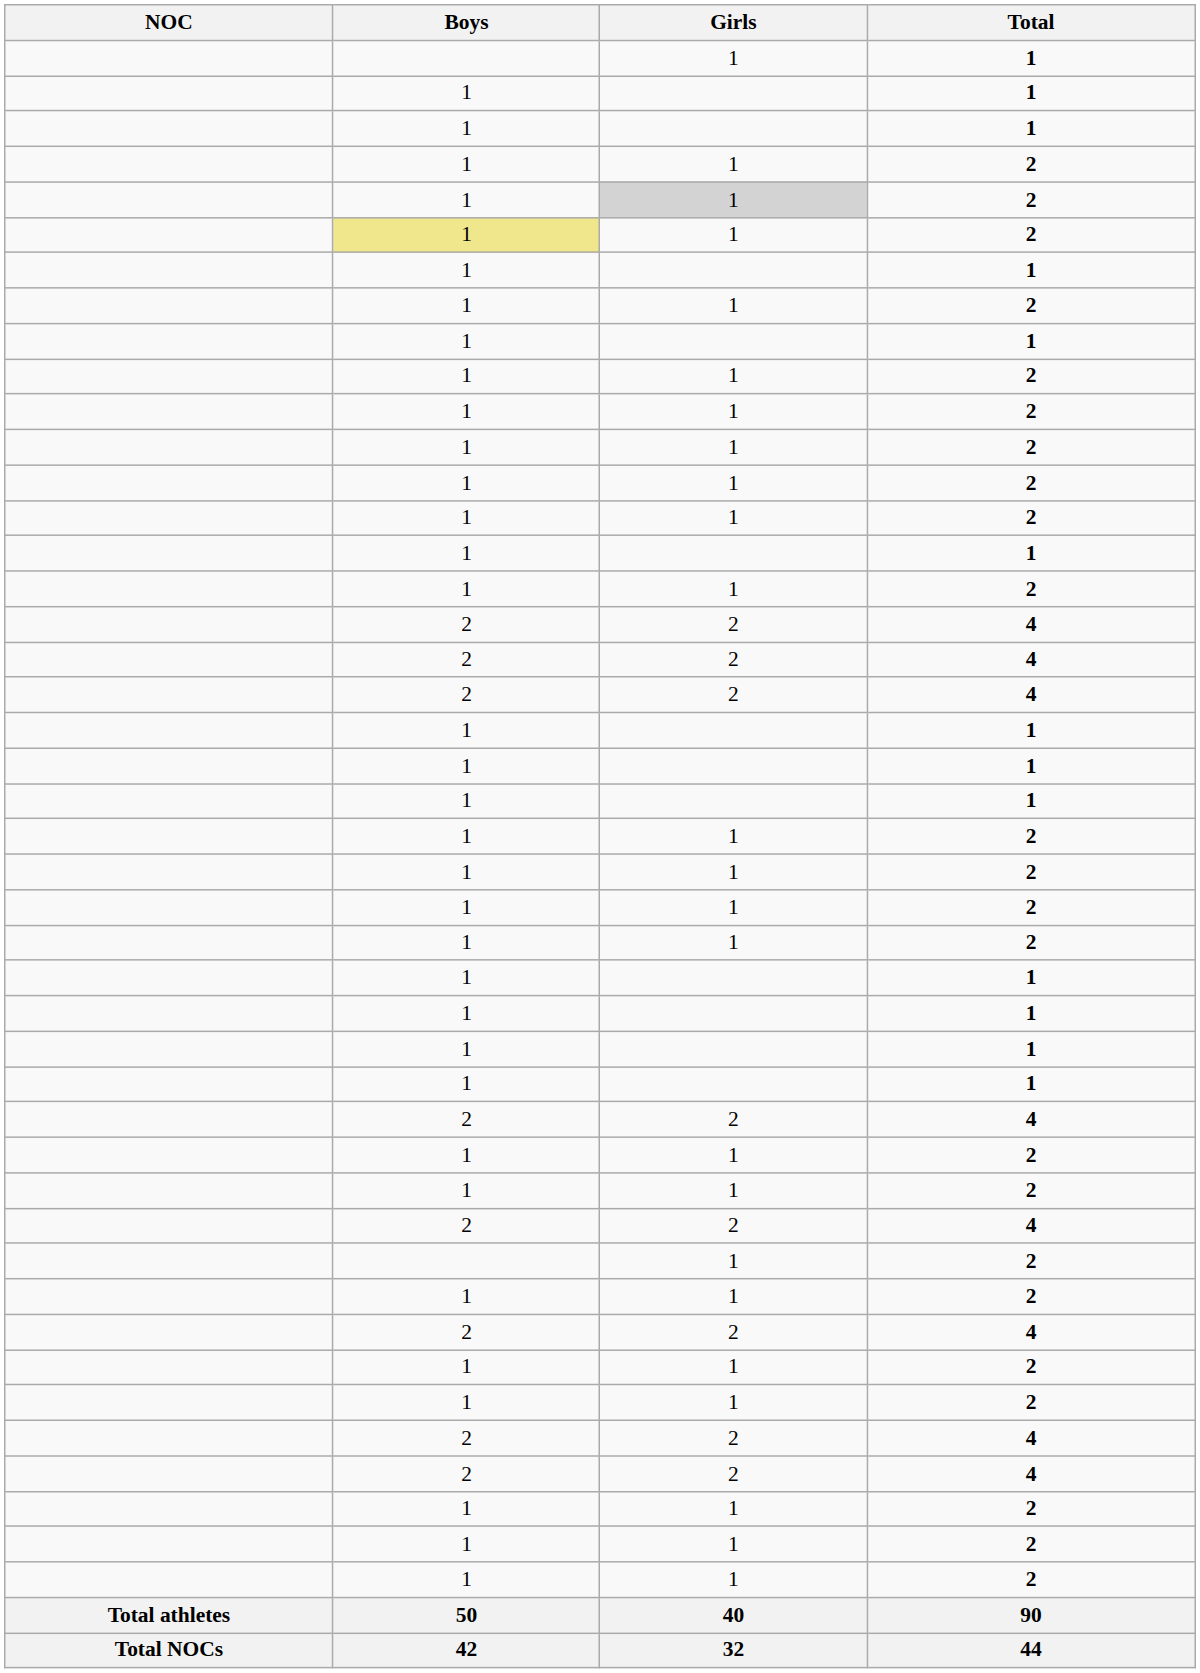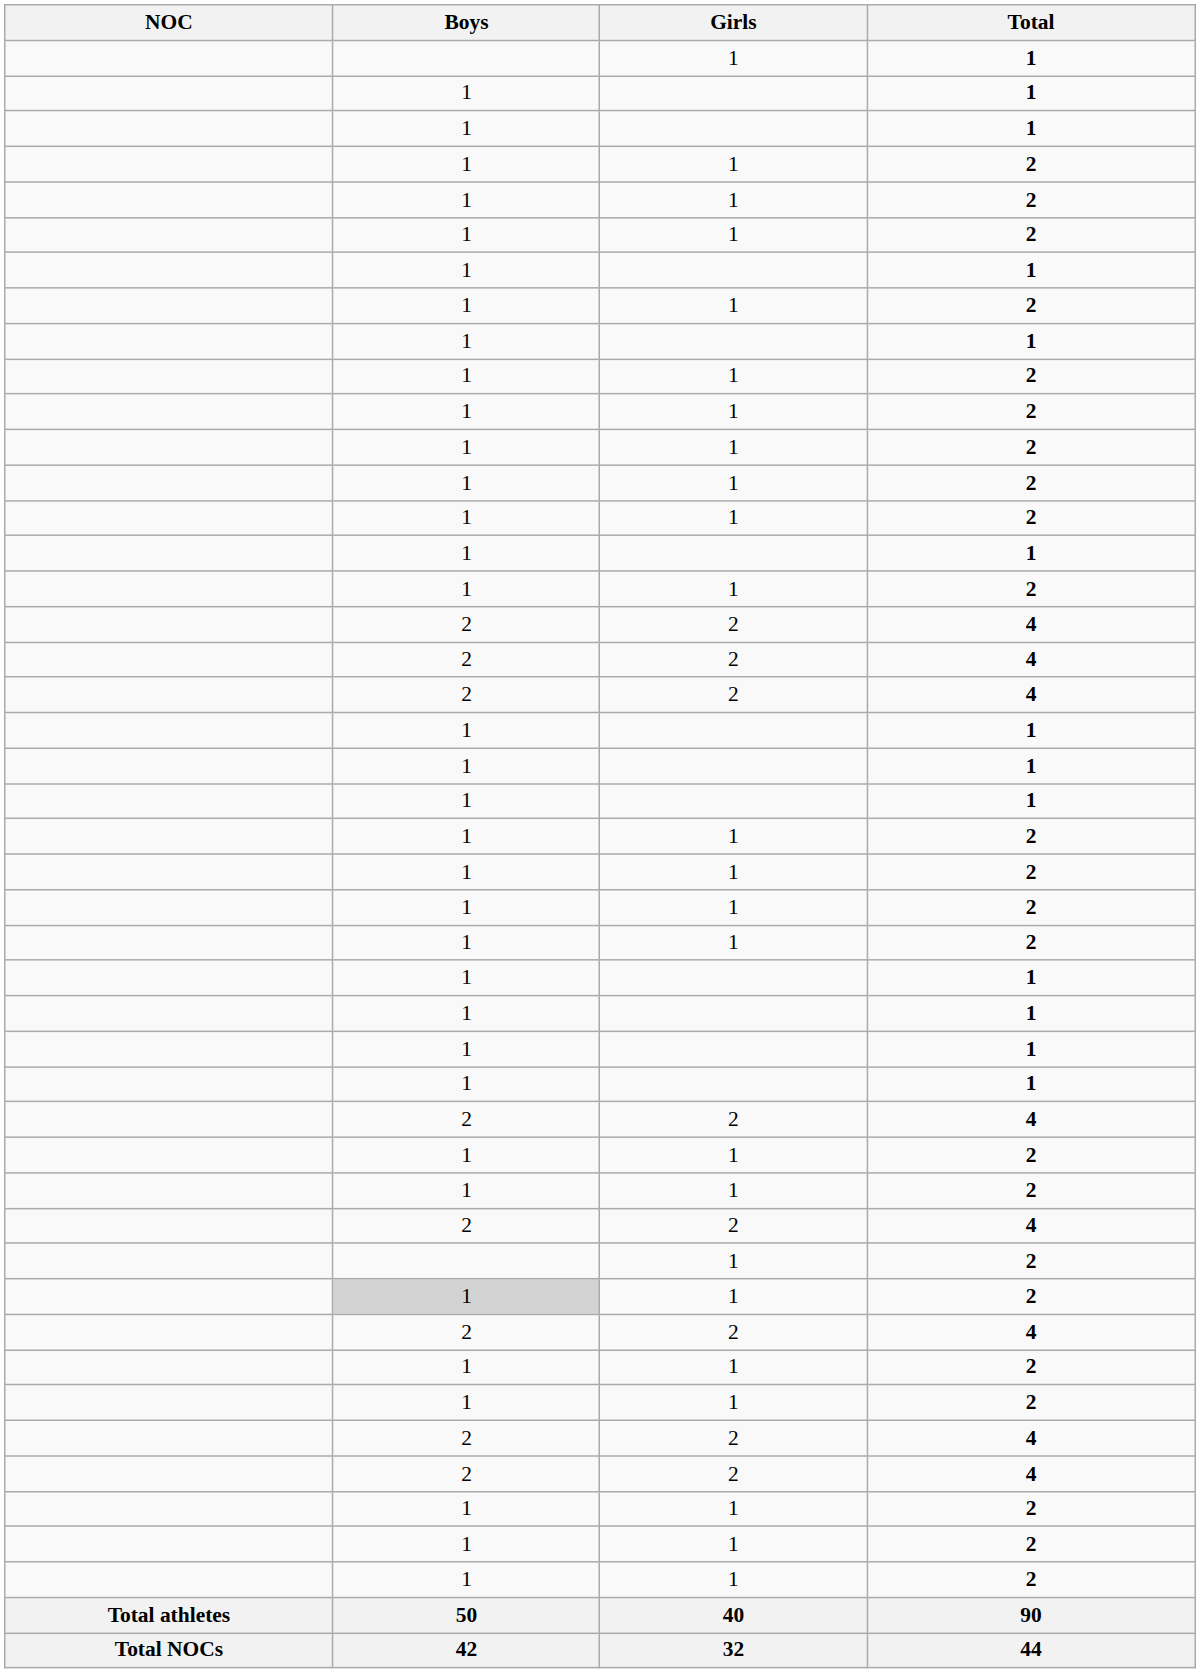 <table class="wikitable collapsible sortable"  style="width:800px; text-align:center; font-size:90%;">
 <tr>
 <th style="text-align:center; width:100px;"><strong>NOC </strong></th>
 <th width=80><strong>Boys</strong></th>
 <th width=80><strong>Girls</strong></th>
 <th width=100><strong>Total</strong></th>
 </tr>
 <tr>
 <td style="text-align:left;"></td>
 <td></td>
 <td>1</td>
 <td><strong>1</strong></td>
 </tr>
 <tr>
 <td style="text-align:left;"></td>
 <td>1</td>
 <td></td>
 <td><strong>1</strong></td>
 </tr>
 <tr>
 <td style="text-align:left;"></td>
 <td>1</td>
 <td></td>
 <td><strong>1</strong></td>
 </tr>
 <tr>
 <td style="text-align:left;"></td>
 <td>1</td>
 <td>1</td>
 <td><strong>2</strong></td>
 </tr>
 <tr>
 <td style="text-align:left;"></td>
 <td>1</td>
-<td style="background: lightgrey;">1</td>
+<td>1</td>
 <td><strong>2</strong></td>
 </tr>
 <tr>
 <td style="text-align:left;"></td>
-<td style="background: khaki;">1</td>
+<td>1</td>
 <td>1</td>
 <td><strong>2</strong></td>
 </tr>
 <tr>
 <td style="text-align:left;"></td>
 <td>1</td>
 <td></td>
 <td><strong>1</strong></td>
 </tr>
 <tr>
 <td style="text-align:left;"></td>
 <td>1</td>
 <td>1</td>
 <td><strong>2</strong></td>
 </tr>
 <tr>
 <td style="text-align:left;"></td>
 <td>1</td>
 <td></td>
 <td><strong>1</strong></td>
 </tr>
 <tr>
 <td style="text-align:left;"></td>
 <td>1</td>
 <td>1</td>
 <td><strong>2</strong></td>
 </tr>
 <tr>
 <td style="text-align:left;"></td>
 <td>1</td>
 <td>1</td>
 <td><strong>2</strong></td>
 </tr>
 <tr>
 <td style="text-align:left;"></td>
 <td>1</td>
 <td>1</td>
 <td><strong>2</strong></td>
 </tr>
 <tr>
 <td style="text-align:left;"></td>
 <td>1</td>
 <td>1</td>
 <td><strong>2</strong></td>
 </tr>
 <tr>
 <td style="text-align:left;"></td>
 <td>1</td>
 <td>1</td>
 <td><strong>2</strong></td>
 </tr>
 <tr>
 <td style="text-align:left;"></td>
 <td>1</td>
 <td></td>
 <td><strong>1</strong></td>
 </tr>
 <tr>
 <td style="text-align:left;"></td>
 <td>1</td>
 <td>1</td>
 <td><strong>2</strong></td>
 </tr>
 <tr>
 <td style="text-align:left;"></td>
 <td>2</td>
 <td>2</td>
 <td><strong>4</strong></td>
 </tr>
 <tr>
 <td style="text-align:left;"></td>
 <td>2</td>
 <td>2</td>
 <td><strong>4</strong></td>
 </tr>
 <tr>
 <td style="text-align:left;"></td>
 <td>2</td>
 <td>2</td>
 <td><strong>4</strong></td>
 </tr>
 <tr>
 <td style="text-align:left;"></td>
 <td>1</td>
 <td></td>
 <td><strong>1</strong></td>
 </tr>
 <tr>
 <td style="text-align:left;"></td>
 <td>1</td>
 <td></td>
 <td><strong>1</strong></td>
 </tr>
 <tr>
 <td style="text-align:left;"></td>
 <td>1</td>
 <td></td>
 <td><strong>1</strong></td>
 </tr>
 <tr>
 <td style="text-align:left;"></td>
 <td>1</td>
 <td>1</td>
 <td><strong>2</strong></td>
 </tr>
 <tr>
 <td style="text-align:left;"></td>
 <td>1</td>
 <td>1</td>
 <td><strong>2</strong></td>
 </tr>
 <tr>
 <td style="text-align:left;"></td>
 <td>1</td>
 <td>1</td>
 <td><strong>2</strong></td>
 </tr>
 <tr>
 <td style="text-align:left;"></td>
 <td>1</td>
 <td>1</td>
 <td><strong>2</strong></td>
 </tr>
 <tr>
 <td style="text-align:left;"></td>
 <td>1</td>
 <td></td>
 <td><strong>1</strong></td>
 </tr>
 <tr>
 <td style="text-align:left;"></td>
 <td>1</td>
 <td></td>
 <td><strong>1</strong></td>
 </tr>
 <tr>
 <td style="text-align:left;"></td>
 <td>1</td>
 <td></td>
 <td><strong>1</strong></td>
 </tr>
 <tr>
 <td style="text-align:left;"></td>
 <td>1</td>
 <td></td>
 <td><strong>1</strong></td>
 </tr>
 <tr>
 <td style="text-align:left;"></td>
 <td>2</td>
 <td>2</td>
 <td><strong>4</strong></td>
 </tr>
 <tr>
 <td style="text-align:left;"></td>
 <td>1</td>
 <td>1</td>
 <td><strong>2</strong></td>
 </tr>
 <tr>
 <td style="text-align:left;"></td>
 <td>1</td>
 <td>1</td>
 <td><strong>2</strong></td>
 </tr>
 <tr>
 <td style="text-align:left;"></td>
 <td>2</td>
 <td>2</td>
 <td><strong>4</strong></td>
 </tr>
 <tr>
 <td style="text-align:left;"></td>
 <td></td>
 <td>1</td>
 <td><strong>2</strong></td>
 </tr>
 <tr>
 <td style="text-align:left;"></td>
-<td>1</td>
+<td style="background: lightgrey;">1</td>
 <td>1</td>
 <td><strong>2</strong></td>
 </tr>
 <tr>
 <td style="text-align:left;"></td>
 <td>2</td>
 <td>2</td>
 <td><strong>4</strong></td>
 </tr>
 <tr>
 <td style="text-align:left;"></td>
 <td>1</td>
 <td>1</td>
 <td><strong>2</strong></td>
 </tr>
 <tr>
 <td style="text-align:left;"></td>
 <td>1</td>
 <td>1</td>
 <td><strong>2</strong></td>
 </tr>
 <tr>
 <td style="text-align:left;"></td>
 <td>2</td>
 <td>2</td>
 <td><strong>4</strong></td>
 </tr>
 <tr>
 <td style="text-align:left;"></td>
 <td>2</td>
 <td>2</td>
 <td><strong>4</strong></td>
 </tr>
 <tr>
 <td style="text-align:left;"></td>
 <td>1</td>
 <td>1</td>
 <td><strong>2</strong></td>
 </tr>
 <tr>
 <td style="text-align:left;"></td>
 <td>1</td>
 <td>1</td>
 <td><strong>2</strong></td>
 </tr>
 <tr>
 <td style="text-align:left;"></td>
 <td>1</td>
 <td>1</td>
 <td><strong>2</strong></td>
 </tr>
 <tr>
 <th>Total athletes</th>
 <th>50</th>
 <th>40</th>
 <th><strong>90</strong></th>
 </tr>
 <tr class="sortbottom">
 <th>Total NOCs</th>
 <th>42</th>
 <th>32</th>
 <th><strong>44</strong></th>
 </tr>
 </table>
